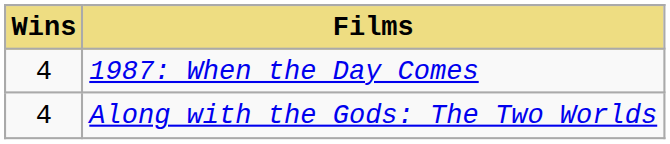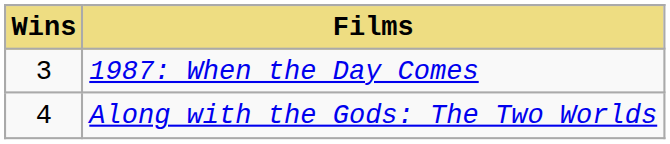 <table class="wikitable" align="center">
 <tr>
 <th style="background:#EEDD82; text-align:center">Wins</th>
 <th style="background:#EEDD82; text-align:center">Films</th>
 </tr>
 <tr>
-<td style="text-align:center">4</td>
+<td style="text-align:center">3</td>
 <td><em><a href='#'>1987: When the Day Comes</a></em></td>
 </tr>
 <tr>
 <td style="text-align:center">4</td>
 <td><em><a href='#'>Along with the Gods: The Two Worlds</a></em></td>
 </tr>
 </table>
